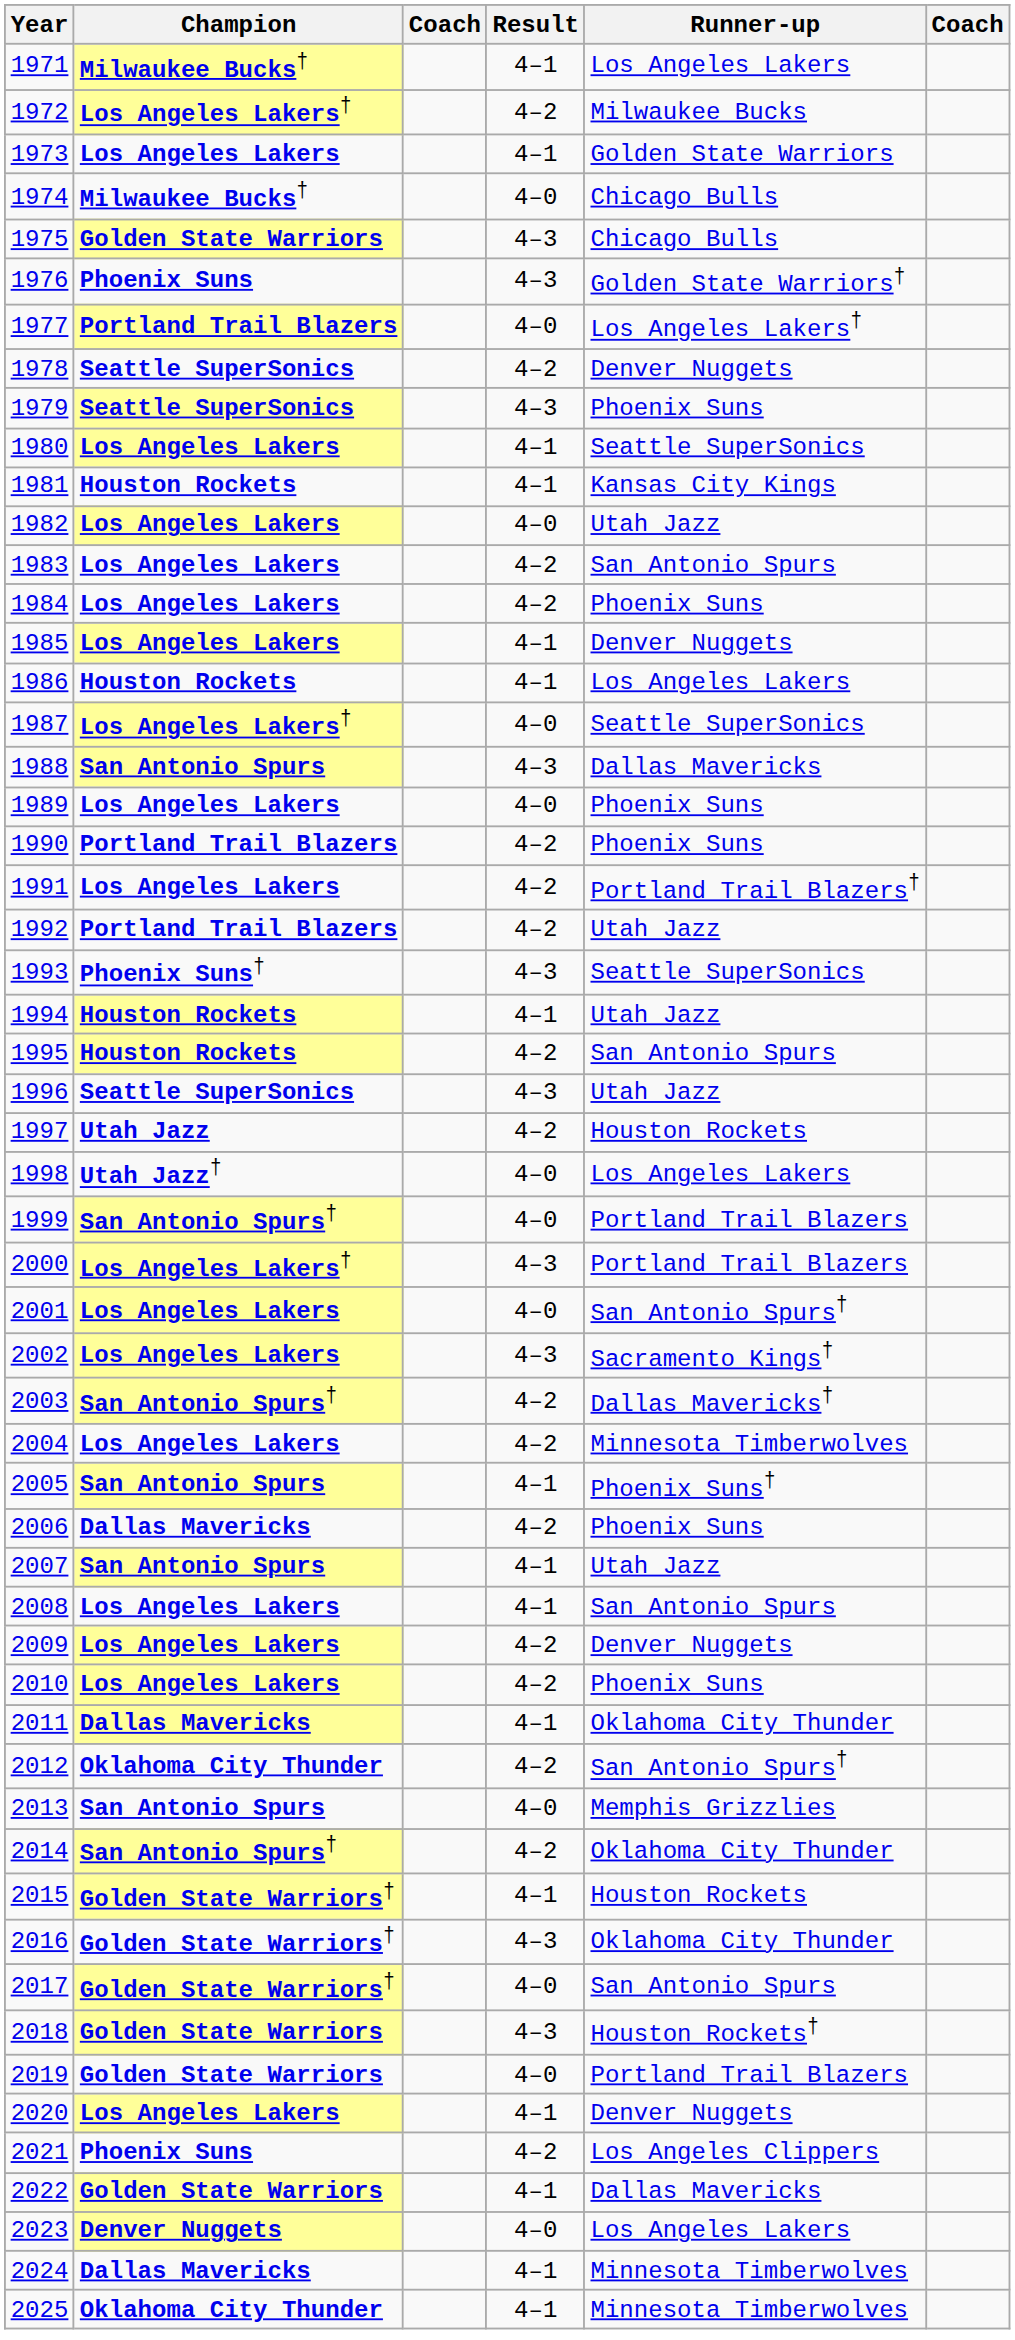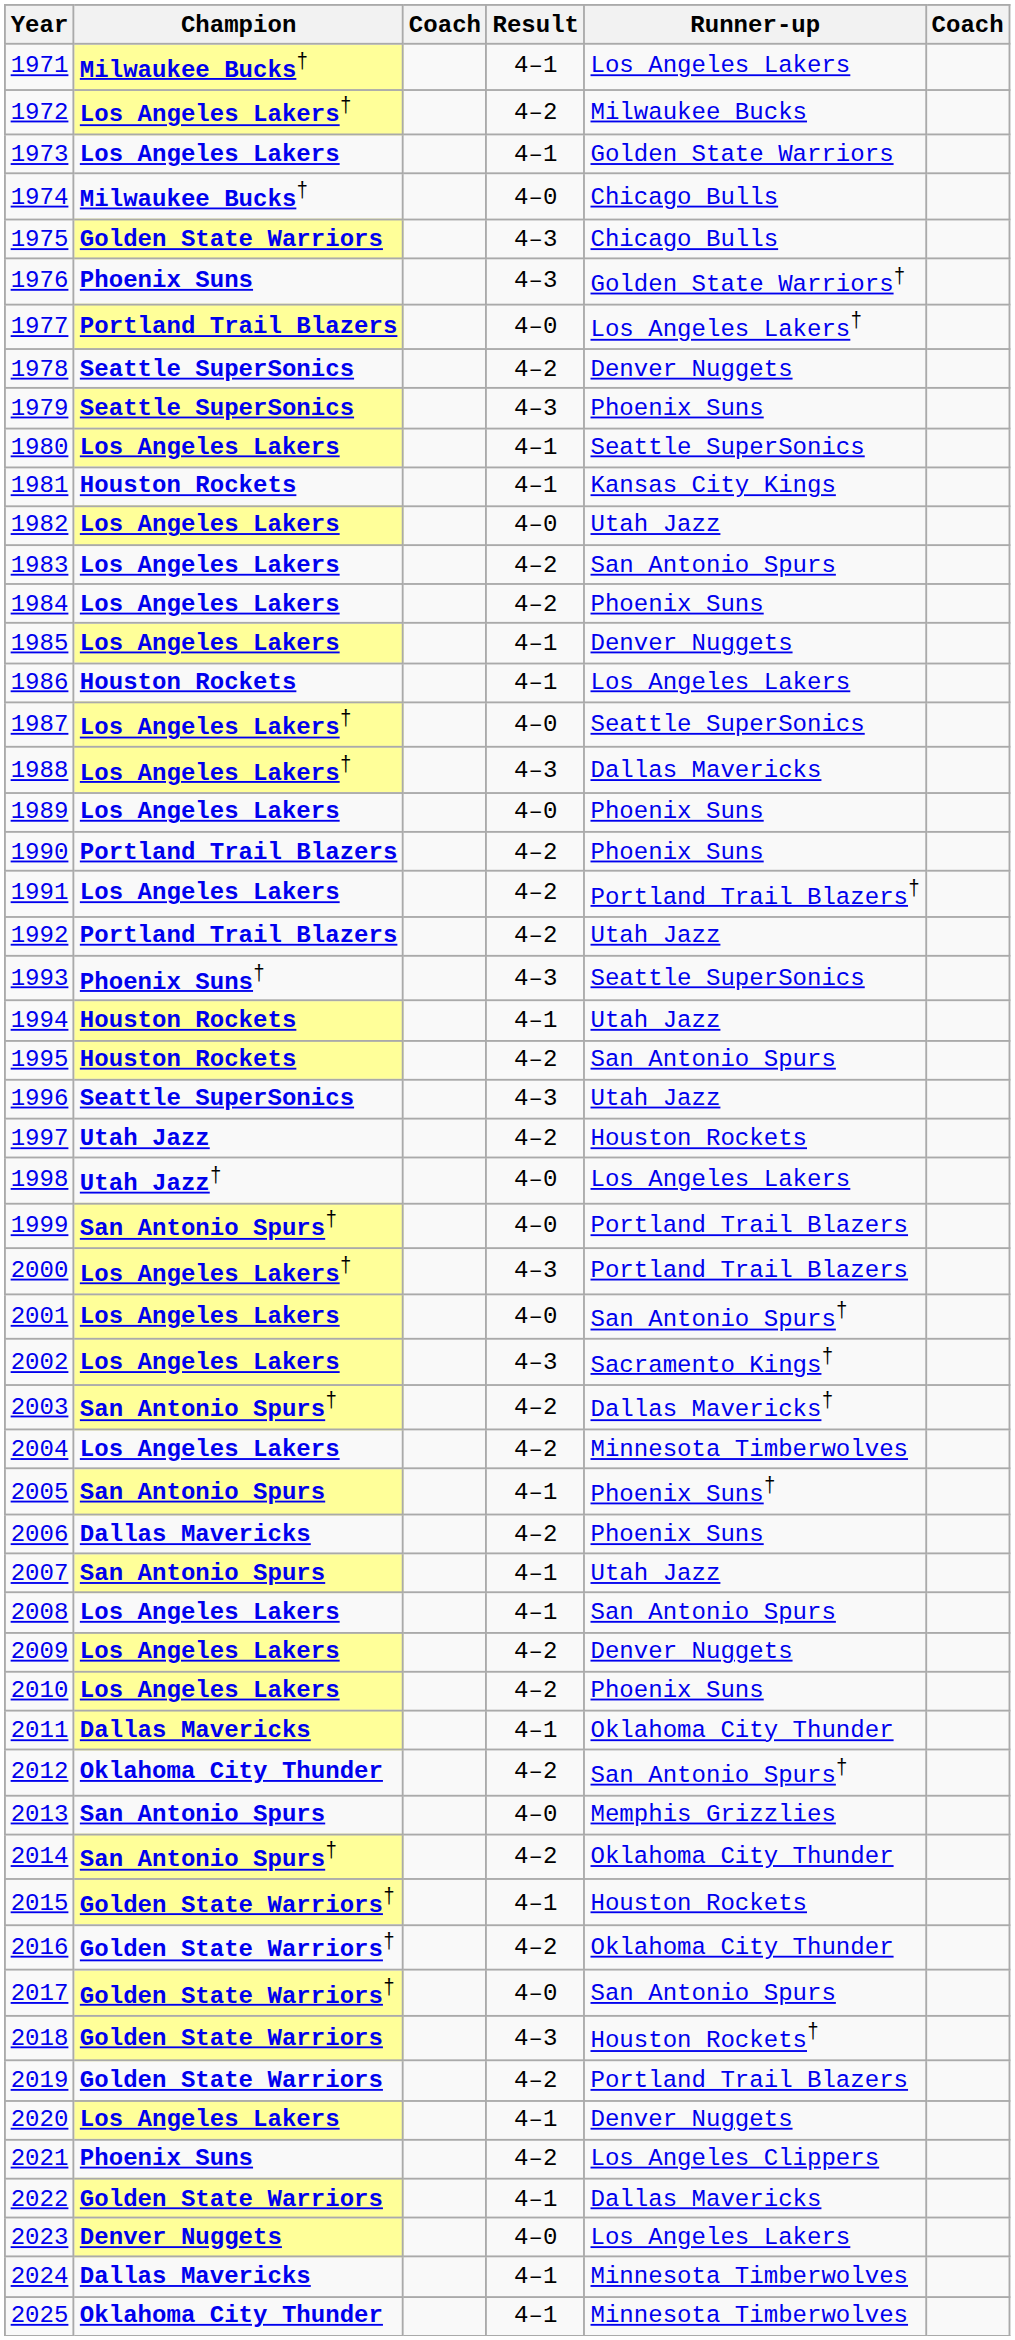 <table class="wikitable sortable">
 <tr>
 <th>Year</th>
 <th>Champion</th>
 <th>Coach</th>
 <th class="unsortable">Result</th>
 <th>Runner-up</th>
 <th>Coach</th>
 </tr>
 <tr>
 <td><a href='#'>1971</a></td>
 <td bgcolor=#FFFF99><strong><a href='#'>Milwaukee Bucks</a></strong><sup>†</sup></td>
 <td></td>
 <td align=center>4–1</td>
 <td><a href='#'>Los Angeles Lakers</a></td>
 <td></td>
 </tr>
 <tr>
 <td><a href='#'>1972</a></td>
 <td bgcolor=#FFFF99><strong><a href='#'>Los Angeles Lakers</a></strong><sup>†</sup></td>
 <td></td>
 <td align=center>4–2</td>
 <td><a href='#'>Milwaukee Bucks</a></td>
 <td></td>
 </tr>
 <tr>
 <td><a href='#'>1973</a></td>
 <td><strong><a href='#'>Los Angeles Lakers</a></strong></td>
 <td></td>
 <td align=center>4–1</td>
 <td><a href='#'>Golden State Warriors</a></td>
 <td></td>
 </tr>
 <tr>
 <td><a href='#'>1974</a></td>
 <td><strong><a href='#'>Milwaukee Bucks</a></strong><sup>†</sup></td>
 <td></td>
 <td align=center>4–0</td>
 <td><a href='#'>Chicago Bulls</a></td>
 <td></td>
 </tr>
 <tr>
 <td><a href='#'>1975</a></td>
 <td bgcolor=#FFFF99><strong><a href='#'>Golden State Warriors</a></strong></td>
 <td></td>
 <td align=center>4–3</td>
 <td><a href='#'>Chicago Bulls</a></td>
 <td></td>
 </tr>
 <tr>
 <td><a href='#'>1976</a></td>
 <td><strong><a href='#'>Phoenix Suns</a></strong></td>
 <td></td>
 <td align=center>4–3</td>
 <td><a href='#'>Golden State Warriors</a><sup>†</sup></td>
 <td></td>
 </tr>
 <tr>
 <td><a href='#'>1977</a></td>
 <td bgcolor=#FFFF99><strong><a href='#'>Portland Trail Blazers</a></strong></td>
 <td></td>
 <td align=center>4–0</td>
 <td><a href='#'>Los Angeles Lakers</a><sup>†</sup></td>
 <td></td>
 </tr>
 <tr>
 <td><a href='#'>1978</a></td>
 <td><strong><a href='#'>Seattle SuperSonics</a></strong></td>
 <td></td>
 <td align=center>4–2</td>
 <td><a href='#'>Denver Nuggets</a></td>
 <td></td>
 </tr>
 <tr>
 <td><a href='#'>1979</a></td>
 <td bgcolor=#FFFF99><strong><a href='#'>Seattle SuperSonics</a></strong></td>
 <td></td>
 <td align=center>4–3</td>
 <td><a href='#'>Phoenix Suns</a></td>
 <td></td>
 </tr>
 <tr>
 <td><a href='#'>1980</a></td>
 <td bgcolor=#FFFF99><strong><a href='#'>Los Angeles Lakers</a></strong></td>
 <td></td>
 <td align=center>4–1</td>
 <td><a href='#'>Seattle SuperSonics</a></td>
 <td></td>
 </tr>
 <tr>
 <td><a href='#'>1981</a></td>
 <td><strong><a href='#'>Houston Rockets</a></strong></td>
 <td></td>
 <td align=center>4–1</td>
 <td><a href='#'>Kansas City Kings</a></td>
 <td></td>
 </tr>
 <tr>
 <td><a href='#'>1982</a></td>
 <td bgcolor=#FFFF99><strong><a href='#'>Los Angeles Lakers</a></strong></td>
 <td></td>
 <td align=center>4–0</td>
 <td><a href='#'>Utah Jazz</a></td>
 <td></td>
 </tr>
 <tr>
 <td><a href='#'>1983</a></td>
 <td><strong><a href='#'>Los Angeles Lakers</a></strong></td>
 <td></td>
 <td align=center>4–2</td>
 <td><a href='#'>San Antonio Spurs</a></td>
 <td></td>
 </tr>
 <tr>
 <td><a href='#'>1984</a></td>
 <td><strong><a href='#'>Los Angeles Lakers</a></strong></td>
 <td></td>
 <td align=center>4–2</td>
 <td><a href='#'>Phoenix Suns</a></td>
 <td></td>
 </tr>
 <tr>
 <td><a href='#'>1985</a></td>
 <td bgcolor=#FFFF99><strong><a href='#'>Los Angeles Lakers</a></strong></td>
 <td></td>
 <td align=center>4–1</td>
 <td><a href='#'>Denver Nuggets</a></td>
 <td></td>
 </tr>
 <tr>
 <td><a href='#'>1986</a></td>
 <td><strong><a href='#'>Houston Rockets</a></strong></td>
 <td></td>
 <td align=center>4–1</td>
 <td><a href='#'>Los Angeles Lakers</a></td>
 <td></td>
 </tr>
 <tr>
 <td><a href='#'>1987</a></td>
 <td bgcolor=#FFFF99><strong><a href='#'>Los Angeles Lakers</a></strong><sup>†</sup></td>
 <td></td>
 <td align=center>4–0</td>
 <td><a href='#'>Seattle SuperSonics</a></td>
 <td></td>
 </tr>
 <tr>
 <td><a href='#'>1988</a></td>
-<td bgcolor=#FFFF99><strong><a href='#'>San Antonio Spurs</a></strong></td>
+<td bgcolor=#FFFF99><strong><a href='#'>Los Angeles Lakers</a></strong><sup>†</sup></td>
 <td></td>
 <td align=center>4–3</td>
 <td><a href='#'>Dallas Mavericks</a></td>
 <td></td>
 </tr>
 <tr>
 <td><a href='#'>1989</a></td>
 <td><strong><a href='#'>Los Angeles Lakers</a></strong></td>
 <td></td>
 <td align=center>4–0</td>
 <td><a href='#'>Phoenix Suns</a></td>
 <td></td>
 </tr>
 <tr>
 <td><a href='#'>1990</a></td>
 <td><strong><a href='#'>Portland Trail Blazers</a></strong></td>
 <td></td>
 <td align=center>4–2</td>
 <td><a href='#'>Phoenix Suns</a></td>
 <td></td>
 </tr>
 <tr>
 <td><a href='#'>1991</a></td>
 <td><strong><a href='#'>Los Angeles Lakers</a></strong></td>
 <td></td>
 <td align=center>4–2</td>
 <td><a href='#'>Portland Trail Blazers</a><sup>†</sup></td>
 <td></td>
 </tr>
 <tr>
 <td><a href='#'>1992</a></td>
 <td><strong><a href='#'>Portland Trail Blazers</a></strong></td>
 <td></td>
 <td align=center>4–2</td>
 <td><a href='#'>Utah Jazz</a></td>
 <td></td>
 </tr>
 <tr>
 <td><a href='#'>1993</a></td>
 <td><strong><a href='#'>Phoenix Suns</a></strong><sup>†</sup></td>
 <td></td>
 <td align=center>4–3</td>
 <td><a href='#'>Seattle SuperSonics</a></td>
 <td></td>
 </tr>
 <tr>
 <td><a href='#'>1994</a></td>
 <td bgcolor=#FFFF99><strong><a href='#'>Houston Rockets</a></strong></td>
 <td></td>
 <td align=center>4–1</td>
 <td><a href='#'>Utah Jazz</a></td>
 <td></td>
 </tr>
 <tr>
 <td><a href='#'>1995</a></td>
 <td bgcolor=#FFFF99><strong><a href='#'>Houston Rockets</a></strong></td>
 <td></td>
 <td align=center>4–2</td>
 <td><a href='#'>San Antonio Spurs</a></td>
 <td></td>
 </tr>
 <tr>
 <td><a href='#'>1996</a></td>
 <td><strong><a href='#'>Seattle SuperSonics</a></strong></td>
 <td></td>
 <td align=center>4–3</td>
 <td><a href='#'>Utah Jazz</a></td>
 <td></td>
 </tr>
 <tr>
 <td><a href='#'>1997</a></td>
 <td><strong><a href='#'>Utah Jazz</a></strong></td>
 <td></td>
 <td align=center>4–2</td>
 <td><a href='#'>Houston Rockets</a></td>
 <td></td>
 </tr>
 <tr>
 <td><a href='#'>1998</a></td>
 <td><strong><a href='#'>Utah Jazz</a></strong><sup>†</sup></td>
 <td></td>
 <td align=center>4–0</td>
 <td><a href='#'>Los Angeles Lakers</a></td>
 <td></td>
 </tr>
 <tr>
 <td><a href='#'>1999</a></td>
 <td bgcolor=#FFFF99><strong><a href='#'>San Antonio Spurs</a></strong><sup>†</sup></td>
 <td></td>
 <td align=center>4–0</td>
 <td><a href='#'>Portland Trail Blazers</a></td>
 <td></td>
 </tr>
 <tr>
 <td><a href='#'>2000</a></td>
 <td bgcolor=#FFFF99><strong><a href='#'>Los Angeles Lakers</a></strong><sup>†</sup></td>
 <td></td>
 <td align=center>4–3</td>
 <td><a href='#'>Portland Trail Blazers</a></td>
 <td></td>
 </tr>
 <tr>
 <td><a href='#'>2001</a></td>
 <td bgcolor=#FFFF99><strong><a href='#'>Los Angeles Lakers</a></strong></td>
 <td></td>
 <td align=center>4–0</td>
 <td><a href='#'>San Antonio Spurs</a><sup>†</sup></td>
 <td></td>
 </tr>
 <tr>
 <td><a href='#'>2002</a></td>
 <td bgcolor=#FFFF99><strong><a href='#'>Los Angeles Lakers</a></strong></td>
 <td></td>
 <td align=center>4–3</td>
 <td><a href='#'>Sacramento Kings</a><sup>†</sup></td>
 <td></td>
 </tr>
 <tr>
 <td><a href='#'>2003</a></td>
 <td bgcolor=#FFFF99><strong><a href='#'>San Antonio Spurs</a></strong><sup>†</sup></td>
 <td></td>
 <td align=center>4–2</td>
 <td><a href='#'>Dallas Mavericks</a><sup>†</sup></td>
 <td></td>
 </tr>
 <tr>
 <td><a href='#'>2004</a></td>
 <td><strong><a href='#'>Los Angeles Lakers</a></strong></td>
 <td></td>
 <td align=center>4–2</td>
 <td><a href='#'>Minnesota Timberwolves</a></td>
 <td></td>
 </tr>
 <tr>
 <td><a href='#'>2005</a></td>
 <td bgcolor=#FFFF99><strong><a href='#'>San Antonio Spurs</a></strong></td>
 <td></td>
 <td align=center>4–1</td>
 <td><a href='#'>Phoenix Suns</a><sup>†</sup></td>
 <td></td>
 </tr>
 <tr>
 <td><a href='#'>2006</a></td>
 <td><strong><a href='#'>Dallas Mavericks</a></strong></td>
 <td></td>
 <td align=center>4–2</td>
 <td><a href='#'>Phoenix Suns</a></td>
 <td></td>
 </tr>
 <tr>
 <td><a href='#'>2007</a></td>
 <td bgcolor=#FFFF99><strong><a href='#'>San Antonio Spurs</a></strong></td>
 <td></td>
 <td align=center>4–1</td>
 <td><a href='#'>Utah Jazz</a></td>
 <td></td>
 </tr>
 <tr>
 <td><a href='#'>2008</a></td>
 <td><strong><a href='#'>Los Angeles Lakers</a></strong></td>
 <td></td>
 <td align=center>4–1</td>
 <td><a href='#'>San Antonio Spurs</a></td>
 <td></td>
 </tr>
 <tr>
 <td><a href='#'>2009</a></td>
 <td bgcolor=#FFFF99><strong><a href='#'>Los Angeles Lakers</a></strong></td>
 <td></td>
 <td align=center>4–2</td>
 <td><a href='#'>Denver Nuggets</a></td>
 <td></td>
 </tr>
 <tr>
 <td><a href='#'>2010</a></td>
 <td bgcolor=#FFFF99><strong><a href='#'>Los Angeles Lakers</a></strong></td>
 <td></td>
 <td align=center>4–2</td>
 <td><a href='#'>Phoenix Suns</a></td>
 <td></td>
 </tr>
 <tr>
 <td><a href='#'>2011</a></td>
 <td bgcolor=#FFFF99><strong><a href='#'>Dallas Mavericks</a></strong></td>
 <td></td>
 <td align=center>4–1</td>
 <td><a href='#'>Oklahoma City Thunder</a></td>
 <td></td>
 </tr>
 <tr>
 <td><a href='#'>2012</a></td>
 <td><strong><a href='#'>Oklahoma City Thunder</a></strong></td>
 <td></td>
 <td align=center>4–2</td>
 <td><a href='#'>San Antonio Spurs</a><sup>†</sup></td>
 <td></td>
 </tr>
 <tr>
 <td><a href='#'>2013</a></td>
 <td><strong><a href='#'>San Antonio Spurs</a></strong></td>
 <td></td>
 <td align=center>4–0</td>
 <td><a href='#'>Memphis Grizzlies</a></td>
 <td></td>
 </tr>
 <tr>
 <td><a href='#'>2014</a></td>
 <td bgcolor=#FFFF99><strong><a href='#'>San Antonio Spurs</a></strong><sup>†</sup></td>
 <td></td>
 <td align=center>4–2</td>
 <td><a href='#'>Oklahoma City Thunder</a></td>
 <td></td>
 </tr>
 <tr>
 <td><a href='#'>2015</a></td>
 <td bgcolor=#FFFF99><strong><a href='#'>Golden State Warriors</a></strong><sup>†</sup></td>
 <td></td>
 <td align=center>4–1</td>
 <td><a href='#'>Houston Rockets</a></td>
 <td></td>
 </tr>
 <tr>
 <td><a href='#'>2016</a></td>
 <td><strong><a href='#'>Golden State Warriors</a></strong><sup>†</sup></td>
 <td></td>
-<td align=center>4–3</td>
+<td align=center>4–2</td>
 <td><a href='#'>Oklahoma City Thunder</a></td>
 <td></td>
 </tr>
 <tr>
 <td><a href='#'>2017</a></td>
 <td bgcolor=#FFFF99><strong><a href='#'>Golden State Warriors</a></strong><sup>†</sup></td>
 <td></td>
 <td align=center>4–0</td>
 <td><a href='#'>San Antonio Spurs</a></td>
 <td></td>
 </tr>
 <tr>
 <td><a href='#'>2018</a></td>
 <td bgcolor=#FFFF99><strong><a href='#'>Golden State Warriors</a></strong></td>
 <td></td>
 <td align=center>4–3</td>
 <td><a href='#'>Houston Rockets</a><sup>†</sup></td>
 <td></td>
 </tr>
 <tr>
 <td><a href='#'>2019</a></td>
 <td><strong><a href='#'>Golden State Warriors</a></strong></td>
 <td></td>
-<td align=center>4–0</td>
+<td align=center>4–2</td>
 <td><a href='#'>Portland Trail Blazers</a></td>
 <td></td>
 </tr>
 <tr>
 <td><a href='#'>2020</a></td>
 <td bgcolor=#FFFF99><strong><a href='#'>Los Angeles Lakers</a></strong></td>
 <td></td>
 <td align=center>4–1</td>
 <td><a href='#'>Denver Nuggets</a></td>
 <td></td>
 </tr>
 <tr>
 <td><a href='#'>2021</a></td>
 <td><strong><a href='#'>Phoenix Suns</a></strong></td>
 <td></td>
 <td align=center>4–2</td>
 <td><a href='#'>Los Angeles Clippers</a></td>
 <td></td>
 </tr>
 <tr>
 <td><a href='#'>2022</a></td>
 <td bgcolor=#FFFF99><strong><a href='#'>Golden State Warriors</a></strong></td>
 <td></td>
 <td align=center>4–1</td>
 <td><a href='#'>Dallas Mavericks</a></td>
 <td></td>
 </tr>
 <tr>
 <td><a href='#'>2023</a></td>
 <td bgcolor=#FFFF99><strong><a href='#'>Denver Nuggets</a></strong></td>
 <td></td>
 <td align=center>4–0</td>
 <td><a href='#'>Los Angeles Lakers</a></td>
 <td></td>
 </tr>
 <tr>
 <td><a href='#'>2024</a></td>
 <td><strong><a href='#'>Dallas Mavericks</a></strong></td>
 <td></td>
 <td align=center>4–1</td>
 <td><a href='#'>Minnesota Timberwolves</a></td>
 <td></td>
 </tr>
 <tr>
 <td><a href='#'>2025</a></td>
 <td><strong><a href='#'>Oklahoma City Thunder</a></strong></td>
 <td></td>
 <td align=center>4–1</td>
 <td><a href='#'>Minnesota Timberwolves</a></td>
 <td></td>
 </tr>
 </table>
